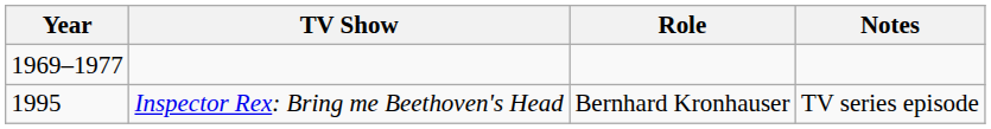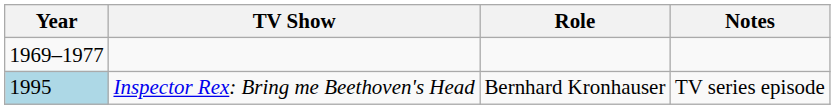 <table class="wikitable">
 <tr>
 <th>Year</th>
 <th>TV Show</th>
 <th>Role</th>
 <th>Notes</th>
 </tr>
 <tr>
 <td>1969–1977</td>
 <td><em></em></td>
 <td></td>
 </tr>
 <tr>
-<td>1995</td>
+<td style="background: lightblue;">1995</td>
 <td><em><a href='#'>Inspector Rex</a>: Bring me Beethoven's Head</em></td>
 <td>Bernhard Kronhauser</td>
 <td>TV series episode</td>
 </tr>
 </table>
